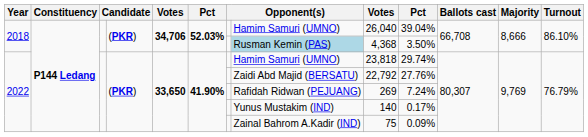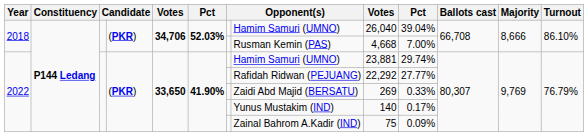 <table class="wikitable" style="margin:0.5em ; font-size:95%">
 <tr>
 <th>Year</th>
 <th>Constituency</th>
 <th colspan=2>Candidate</th>
 <th>Votes</th>
 <th>Pct</th>
 <th colspan=2>Opponent(s)</th>
 <th>Votes</th>
 <th>Pct</th>
 <th>Ballots cast</th>
 <th>Majority</th>
 <th>Turnout</th>
 </tr>
 <tr>
 <td rowspan=2><a href='#'>2018</a></td>
 <td rowspan=7><strong>P144 <a href='#'>Ledang</a></strong></td>
 <td rowspan=2 ></td>
 <td rowspan=2> (<a href='#'><strong>PKR</strong></a>)</td>
 <td rowspan=2 align=right><strong>34,706</strong></td>
 <td rowspan=2><strong>52.03%</strong></td>
 <td></td>
 <td><a href='#'>Hamim Samuri</a> (<a href='#'>UMNO</a>)</td>
 <td align=right>26,040</td>
 <td>39.04%</td>
 <td rowspan="2">66,708</td>
 <td rowspan="2">8,666</td>
 <td rowspan="2">86.10%</td>
 </tr>
 <tr>
 <td></td>
-<td style="background: lightblue;">Rusman Kemin (<a href='#'>PAS</a>)</td>
-<td align=right>4,368</td>
-<td align=right>3.50%</td>
+<td>Rusman Kemin (<a href='#'>PAS</a>)</td>
+<td align=right>4,668</td>
+<td align=right>7.00%</td>
 </tr>
 <tr>
 <td rowspan=5><a href='#'>2022</a></td>
 <td rowspan=5 ></td>
 <td rowspan=5> (<a href='#'><strong>PKR</strong></a>)</td>
 <td rowspan=5 align="right"><strong>33,650</strong></td>
 <td rowspan=5><strong>41.90%</strong></td>
 <td></td>
 <td><a href='#'>Hamim Samuri</a> (<a href='#'>UMNO</a>)</td>
-<td align="right">23,818</td>
+<td align="right">23,881</td>
 <td>29.74%</td>
 <td rowspan=5>80,307</td>
 <td rowspan="5">9,769</td>
 <td rowspan="5">76.79%</td>
 </tr>
 <tr>
 <td bgcolor=></td>
-<td>Zaidi Abd Majid (<a href='#'>BERSATU</a>)</td>
-<td align="right">22,792</td>
-<td>27.76%</td>
+<td>Rafidah Ridwan (<a href='#'>PEJUANG</a>)</td>
+<td align="right">22,292</td>
+<td>27.77%</td>
 </tr>
 <tr>
 <td bgcolor=></td>
-<td>Rafidah Ridwan (<a href='#'>PEJUANG</a>)</td>
+<td>Zaidi Abd Majid (<a href='#'>BERSATU</a>)</td>
 <td align="right">269</td>
-<td align="right">7.24%</td>
+<td align="right">0.33%</td>
 </tr>
 <tr>
 <td></td>
 <td>Yunus Mustakim (<a href='#'>IND</a>)</td>
 <td align="right">140</td>
 <td align="right">0.17%</td>
 </tr>
 <tr>
 <td></td>
 <td>Zainal Bahrom A.Kadir (<a href='#'>IND</a>)</td>
 <td align="right">75</td>
 <td align="right">0.09%</td>
 </tr>
 </table>
